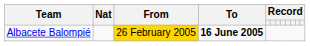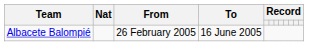 <table class="wikitable" style="text-align: center">
 <tr>
 <th rowspan="2">Team</th>
 <th rowspan="2">Nat</th>
 <th rowspan="2">From</th>
 <th rowspan="2">To</th>
 <th colspan="8">Record</th>
 </tr>
 <tr>
 <th></th>
 <th></th>
 <th></th>
 <th></th>
 <th></th>
 <th></th>
 <th></th>
 <th></th>
 </tr>
 <tr>
 <td align="left"><a href='#'>Albacete Balompié</a></td>
 <td></td>
-<td align=left style="background: gold;">26 February 2005</td>
-<td align=left><strong>16 June 2005<br></strong></td>
+<td align=left>26 February 2005</td>
+<td align=left>16 June 2005<br></td>
 </tr>
 </table>
